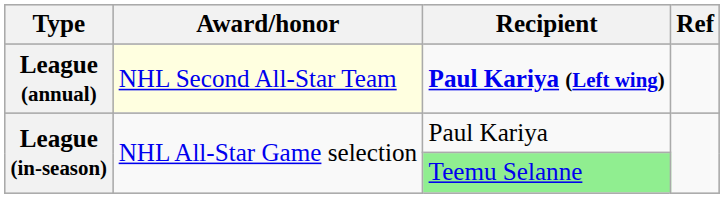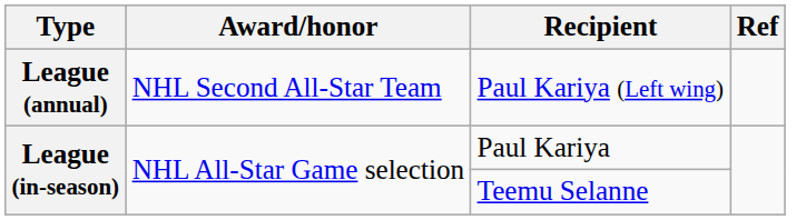 <table class="wikitable">
 <tr>
 <th scope="col">Type</th>
 <th scope="col">Award/honor</th>
 <th scope="col">Recipient</th>
 <th scope="col">Ref</th>
 </tr>
 <tr>
 <th scope="row">League<br><small>(annual)</small></th>
-<td style="background: lightyellow;"><a href='#'>NHL Second All-Star Team</a></td>
-<td><strong><a href='#'>Paul Kariya</a> <small>(<a href='#'>Left wing</a>)</small></strong></td>
+<td><a href='#'>NHL Second All-Star Team</a></td>
+<td><a href='#'>Paul Kariya</a> <small>(<a href='#'>Left wing</a>)</small></td>
 <td></td>
 </tr>
 <tr>
 <th scope="row" rowspan="2">League<br><small>(in-season)</small></th>
 <td rowspan="2"><a href='#'>NHL All-Star Game</a> selection</td>
 <td>Paul Kariya</td>
 <td rowspan="2"></td>
 </tr>
 <tr>
-<td style="background: lightgreen;"><a href='#'>Teemu Selanne</a></td>
+<td><a href='#'>Teemu Selanne</a></td>
 </tr>
 </table>
